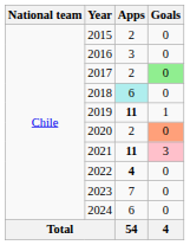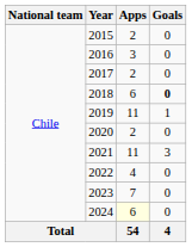 <table class="wikitable" style="text-align:center">
 <tr>
 <th>National team</th>
 <th>Year</th>
 <th>Apps</th>
 <th>Goals</th>
 </tr>
 <tr>
 <td rowspan=10><a href='#'>Chile</a></td>
 <td>2015</td>
 <td>2</td>
 <td>0</td>
 </tr>
 <tr>
 <td>2016</td>
 <td>3</td>
 <td>0</td>
 </tr>
 <tr>
 <td>2017</td>
 <td>2</td>
-<td style="background: lightgreen;">0</td>
+<td>0</td>
 </tr>
 <tr>
 <td>2018</td>
-<td style="background: paleturquoise;">6</td>
-<td>0</td>
+<td>6</td>
+<td><strong>0</strong></td>
 </tr>
 <tr>
 <td>2019</td>
-<td><strong>11</strong></td>
+<td>11</td>
 <td>1</td>
 </tr>
 <tr>
 <td>2020</td>
 <td>2</td>
-<td style="background: lightsalmon;">0</td>
+<td>0</td>
 </tr>
 <tr>
 <td>2021</td>
-<td><strong>11</strong></td>
-<td style="background: pink;">3</td>
+<td>11</td>
+<td>3</td>
 </tr>
 <tr>
 <td>2022</td>
-<td><strong>4</strong></td>
+<td>4</td>
 <td>0</td>
 </tr>
 <tr>
 <td>2023</td>
 <td>7</td>
 <td>0</td>
 </tr>
 <tr>
 <td>2024</td>
-<td>6</td>
+<td style="background: lightyellow;">6</td>
 <td>0</td>
 </tr>
 <tr>
 <th colspan=2>Total</th>
 <th>54</th>
 <th>4</th>
 </tr>
 </table>
